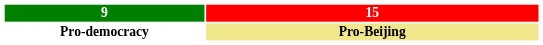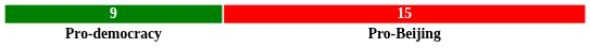 <table style="width:50%; text-align:center;">
 <tr style="color:white;">
 <td style="background:green; width:37.5%;"><strong>9</strong></td>
 <td style="background:red; width:62.5%;"><strong>15</strong></td>
 </tr>
 <tr>
 <td><span><strong>Pro-democracy</strong></span></td>
-<td style="background: khaki;"><span><strong>Pro-Beijing</strong></span></td>
+<td><span><strong>Pro-Beijing</strong></span></td>
 </tr>
 </table>
